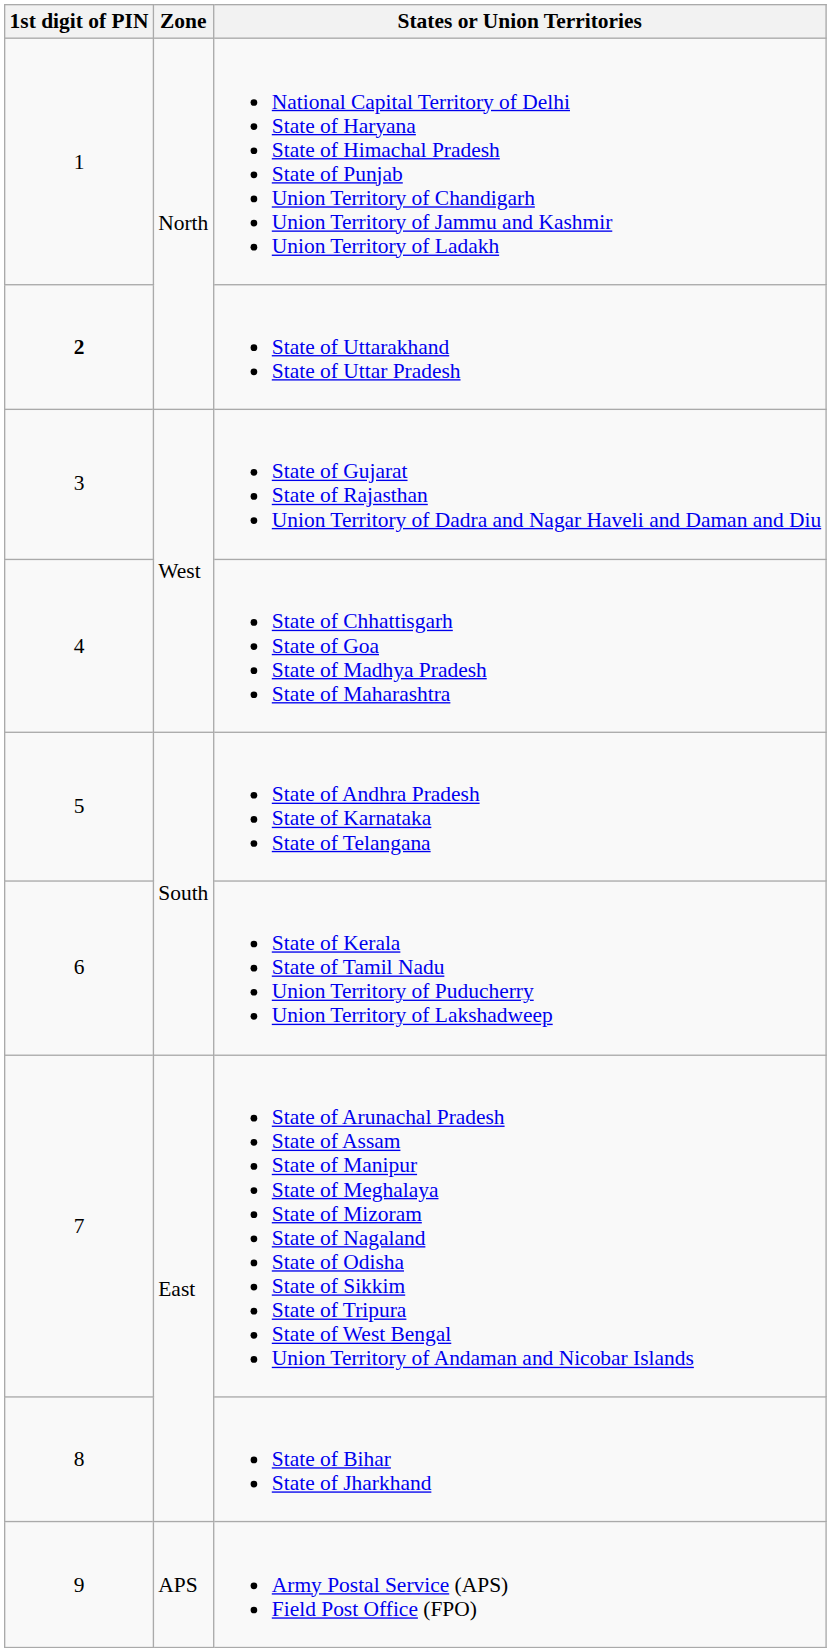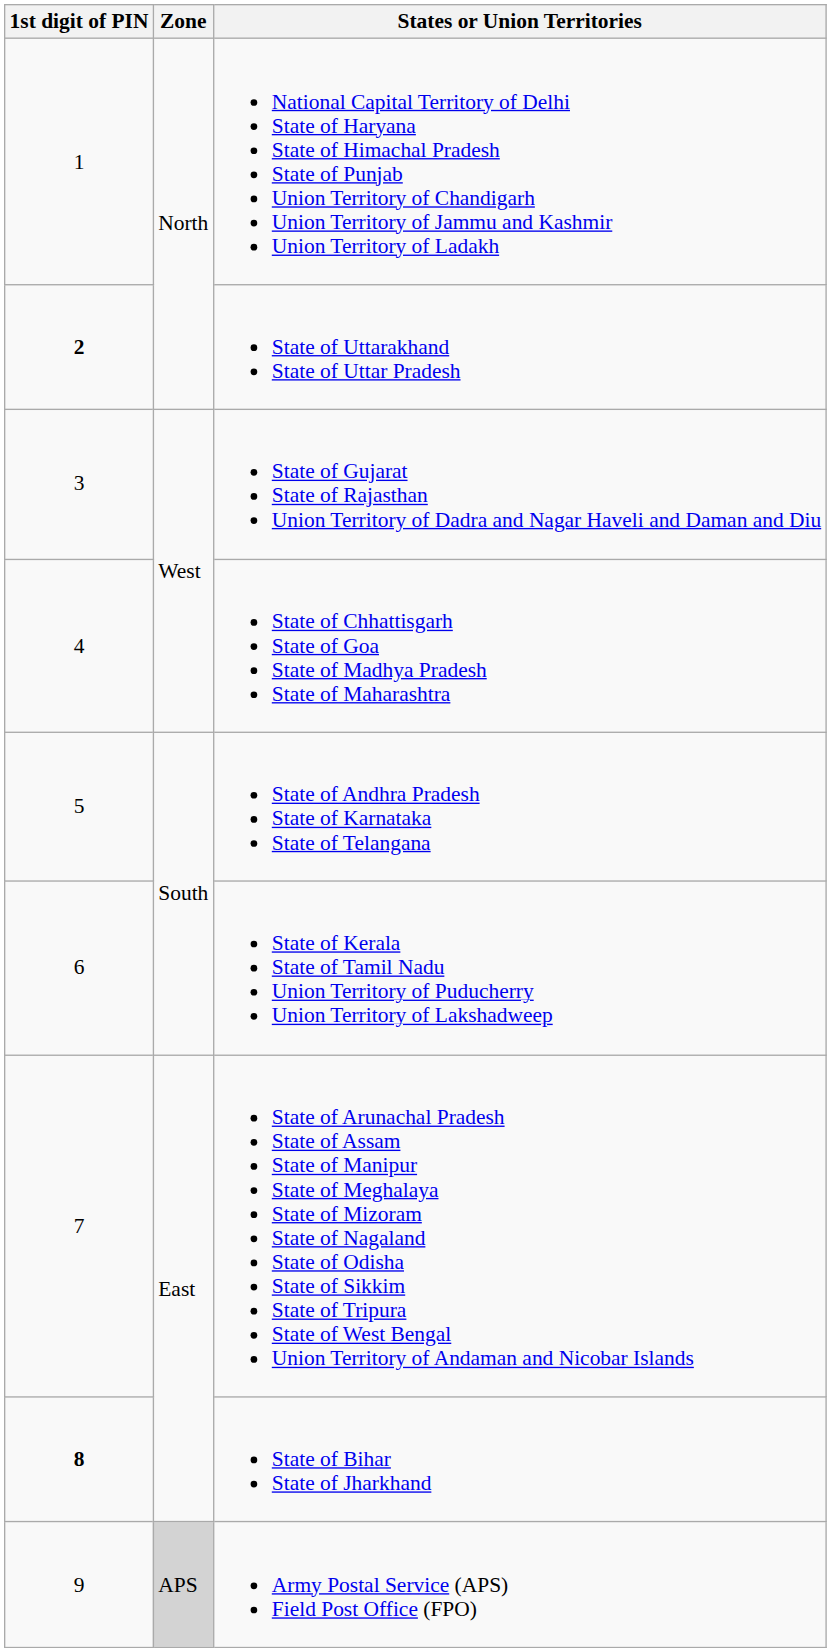 <table class="wikitable sortable">
 <tr>
 <th>1st digit of PIN</th>
 <th>Zone</th>
 <th>States or Union Territories</th>
 </tr>
 <tr>
 <td style="text-align: center;">1</td>
 <td rowspan="2">North</td>
 <td><br><ul><li><a href='#'>National Capital Territory of Delhi</a></li><li><a href='#'>State of Haryana</a></li><li><a href='#'>State of Himachal Pradesh</a></li><li><a href='#'>State of Punjab</a></li><li><a href='#'>Union Territory of Chandigarh</a></li><li><a href='#'>Union Territory of Jammu and Kashmir</a></li><li><a href='#'>Union Territory of Ladakh</a></li></ul></td>
 </tr>
 <tr>
 <td style="text-align: center;"><strong>2</strong></td>
 <td><br><ul><li><a href='#'>State of Uttarakhand</a></li><li><a href='#'>State of Uttar Pradesh</a></li></ul></td>
 </tr>
 <tr>
 <td style="text-align: center;">3</td>
 <td rowspan="2">West</td>
 <td><br><ul><li><a href='#'>State of Gujarat</a></li><li><a href='#'>State of Rajasthan</a></li><li><a href='#'>Union Territory of Dadra and Nagar Haveli and Daman and Diu</a></li></ul></td>
 </tr>
 <tr>
 <td style="text-align: center;">4</td>
 <td><br><ul><li><a href='#'>State of Chhattisgarh</a></li><li><a href='#'>State of Goa</a></li><li><a href='#'>State of Madhya Pradesh</a></li><li><a href='#'>State of Maharashtra</a></li></ul></td>
 </tr>
 <tr>
 <td style="text-align: center;">5</td>
 <td rowspan="2">South</td>
 <td><br><ul><li><a href='#'>State of Andhra Pradesh</a></li><li><a href='#'>State of Karnataka</a></li><li><a href='#'>State of Telangana</a></li></ul></td>
 </tr>
 <tr>
 <td style="text-align: center;">6</td>
 <td><br><ul><li><a href='#'>State of Kerala</a></li><li><a href='#'>State of Tamil Nadu</a></li><li><a href='#'>Union Territory of Puducherry</a></li><li><a href='#'>Union Territory of Lakshadweep</a></li></ul></td>
 </tr>
 <tr>
 <td style="text-align: center;">7</td>
 <td rowspan="2">East</td>
 <td><br><ul><li><a href='#'>State of Arunachal Pradesh</a></li><li><a href='#'>State of Assam</a></li><li><a href='#'>State of Manipur</a></li><li><a href='#'>State of Meghalaya</a></li><li><a href='#'>State of Mizoram</a></li><li><a href='#'>State of Nagaland</a></li><li><a href='#'>State of Odisha</a></li><li><a href='#'>State of Sikkim</a></li><li><a href='#'>State of Tripura</a></li><li><a href='#'>State of West Bengal</a></li><li><a href='#'>Union Territory of Andaman and Nicobar Islands</a></li></ul></td>
 </tr>
 <tr>
-<td style="text-align: center;">8</td>
+<td style="text-align: center;"><strong>8</strong></td>
 <td><br><ul><li><a href='#'>State of Bihar</a></li><li><a href='#'>State of Jharkhand</a></li></ul></td>
 </tr>
 <tr>
 <td style="text-align: center;">9</td>
-<td>APS</td>
+<td style="background: lightgrey;">APS</td>
 <td><br><ul><li><a href='#'>Army Postal Service</a> (APS)</li><li><a href='#'>Field Post Office</a> (FPO)</li></ul></td>
 </tr>
 </table>
